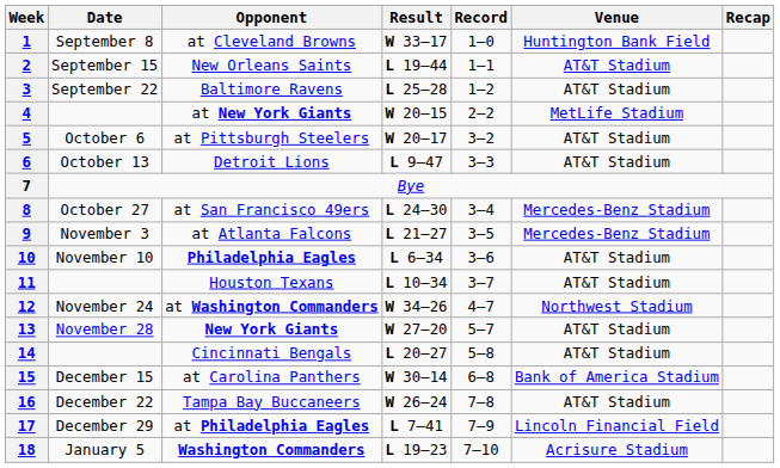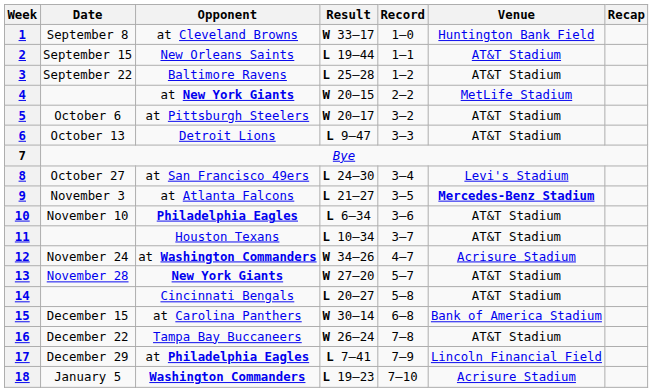 <table class="wikitable" style="text-align:center">
 <tr>
 <th>Week</th>
 <th>Date</th>
 <th>Opponent</th>
 <th>Result</th>
 <th>Record</th>
 <th>Venue</th>
 <th>Recap</th>
 </tr>
 <tr>
 <th><a href='#'>1</a></th>
 <td>September 8</td>
 <td>at <a href='#'>Cleveland Browns</a></td>
 <td><strong>W</strong> 33–17</td>
 <td>1–0</td>
 <td><a href='#'>Huntington Bank Field</a></td>
 <td></td>
 </tr>
 <tr>
 <th><a href='#'>2</a></th>
 <td>September 15</td>
 <td><a href='#'>New Orleans Saints</a></td>
 <td><strong>L</strong> 19–44</td>
 <td>1–1</td>
 <td><a href='#'>AT&T Stadium</a></td>
 <td></td>
 </tr>
 <tr>
 <th><a href='#'>3</a></th>
 <td>September 22</td>
 <td><a href='#'>Baltimore Ravens</a></td>
 <td><strong>L</strong> 25–28</td>
 <td>1–2</td>
 <td>AT&T Stadium</td>
 <td></td>
 </tr>
 <tr>
 <th><a href='#'>4</a></th>
 <td></td>
 <td>at <strong><a href='#'>New York Giants</a></strong></td>
 <td><strong>W</strong> 20–15</td>
 <td>2–2</td>
 <td><a href='#'>MetLife Stadium</a></td>
 <td></td>
 </tr>
 <tr>
 <th><a href='#'>5</a></th>
 <td>October 6</td>
 <td>at <a href='#'>Pittsburgh Steelers</a></td>
 <td><strong>W</strong> 20–17</td>
 <td>3–2</td>
 <td>AT&T Stadium</td>
 <td></td>
 </tr>
 <tr>
 <th><a href='#'>6</a></th>
 <td>October 13</td>
 <td><a href='#'>Detroit Lions</a></td>
 <td><strong>L</strong> 9–47</td>
 <td>3–3</td>
 <td>AT&T Stadium</td>
 <td></td>
 </tr>
 <tr>
 <th>7</th>
 <td colspan="6"><em><a href='#'>Bye</a></em></td>
 </tr>
 <tr>
 <th><a href='#'>8</a></th>
 <td>October 27</td>
 <td>at <a href='#'>San Francisco 49ers</a></td>
 <td><strong>L</strong> 24–30</td>
 <td>3–4</td>
-<td><a href='#'>Mercedes-Benz Stadium</a></td>
+<td><a href='#'>Levi's Stadium</a></td>
 <td></td>
 </tr>
 <tr>
 <th><a href='#'>9</a></th>
 <td>November 3</td>
 <td>at <a href='#'>Atlanta Falcons</a></td>
 <td><strong>L</strong> 21–27</td>
 <td>3–5</td>
-<td><a href='#'>Mercedes-Benz Stadium</a></td>
+<td><strong><a href='#'>Mercedes-Benz Stadium</a></strong></td>
 <td></td>
 </tr>
 <tr>
 <th><a href='#'>10</a></th>
 <td>November 10</td>
 <td><strong><a href='#'>Philadelphia Eagles</a></strong></td>
 <td><strong>L</strong> 6–34</td>
 <td>3–6</td>
 <td>AT&T Stadium</td>
 <td></td>
 </tr>
 <tr>
 <th><a href='#'>11</a></th>
 <td></td>
 <td><a href='#'>Houston Texans</a></td>
 <td><strong>L</strong> 10–34</td>
 <td>3–7</td>
 <td>AT&T Stadium</td>
 <td></td>
 </tr>
 <tr>
 <th><a href='#'>12</a></th>
 <td>November 24</td>
 <td>at <strong><a href='#'>Washington Commanders</a></strong></td>
 <td><strong>W</strong> 34–26</td>
 <td>4–7</td>
-<td><a href='#'>Northwest Stadium</a></td>
+<td><a href='#'>Acrisure Stadium</a></td>
 <td></td>
 </tr>
 <tr>
 <th><a href='#'>13</a></th>
 <td><a href='#'>November 28</a></td>
 <td><strong><a href='#'>New York Giants</a></strong></td>
 <td><strong>W</strong> 27–20</td>
 <td>5–7</td>
 <td>AT&T Stadium</td>
 <td></td>
 </tr>
 <tr>
 <th><a href='#'>14</a></th>
 <td></td>
 <td><a href='#'>Cincinnati Bengals</a></td>
 <td><strong>L</strong> 20–27</td>
 <td>5–8</td>
 <td>AT&T Stadium</td>
 <td></td>
 </tr>
 <tr>
 <th><a href='#'>15</a></th>
 <td>December 15</td>
 <td>at <a href='#'>Carolina Panthers</a></td>
 <td><strong>W</strong> 30–14</td>
 <td>6–8</td>
 <td><a href='#'>Bank of America Stadium</a></td>
 <td></td>
 </tr>
 <tr>
 <th><a href='#'>16</a></th>
 <td>December 22</td>
 <td><a href='#'>Tampa Bay Buccaneers</a></td>
 <td><strong>W</strong> 26–24</td>
 <td>7–8</td>
 <td>AT&T Stadium</td>
 <td></td>
 </tr>
 <tr>
 <th><a href='#'>17</a></th>
 <td>December 29</td>
 <td>at <strong><a href='#'>Philadelphia Eagles</a></strong></td>
 <td><strong>L</strong> 7–41</td>
 <td>7–9</td>
 <td><a href='#'>Lincoln Financial Field</a></td>
 <td></td>
 </tr>
 <tr>
 <th><a href='#'>18</a></th>
 <td>January 5</td>
 <td><strong><a href='#'>Washington Commanders</a></strong></td>
 <td><strong>L</strong> 19–23</td>
 <td>7–10</td>
 <td><a href='#'>Acrisure Stadium</a></td>
 <td></td>
 </tr>
 </table>
